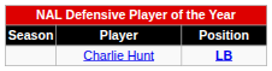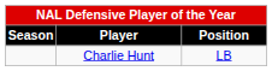 <table class="wikitable sortable" style="text-align:center">
 <tr>
 <td colspan="4" style="background:#d00; color:white;"><strong>NAL Defensive Player of the Year</strong></td>
 </tr>
 <tr>
 <th style="width:50px; background:black; color:white;">Season</th>
 <th style="width:150px; background:black; color:white;">Player</th>
 <th style="width:100px; background:black; color:white;">Position</th>
 </tr>
 <tr>
 <td></td>
 <td><a href='#'>Charlie Hunt</a></td>
-<td><strong><a href='#'>LB</a></strong></td>
+<td><a href='#'>LB</a></td>
 </tr>
 </table>
